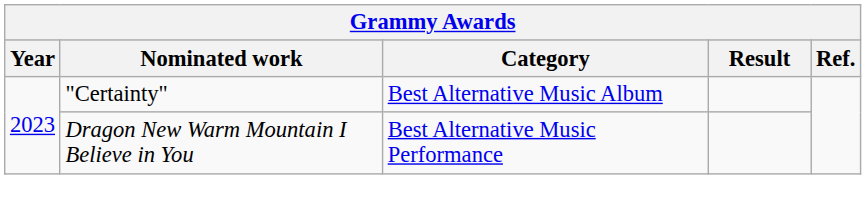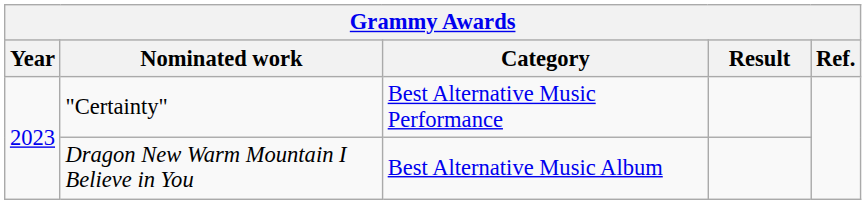 <table class="wikitable">
 <tr>
 <th colspan="5" align="center"><a href='#'>Grammy Awards</a></th>
 </tr>
 <tr>
 <th scope="col" style="width:1em;">Year</th>
 <th scope="col" style="width:20em;">Nominated work</th>
 <th scope="col" style="width:20em;">Category</th>
 <th scope="col" style="width:5em;">Result</th>
 <th scope="col" style="width:1em;">Ref.</th>
 </tr>
 <tr>
 <td rowspan="2"><a href='#'>2023</a></td>
 <td>"Certainty"</td>
-<td><a href='#'>Best Alternative Music Album</a></td>
+<td><a href='#'>Best Alternative Music Performance</a></td>
 <td></td>
 <td rowspan="2" align="center"></td>
 </tr>
 <tr>
 <td><em>Dragon New Warm Mountain I Believe in You</em></td>
-<td><a href='#'>Best Alternative Music Performance</a></td>
+<td><a href='#'>Best Alternative Music Album</a></td>
 <td></td>
 </tr>
 </table>
